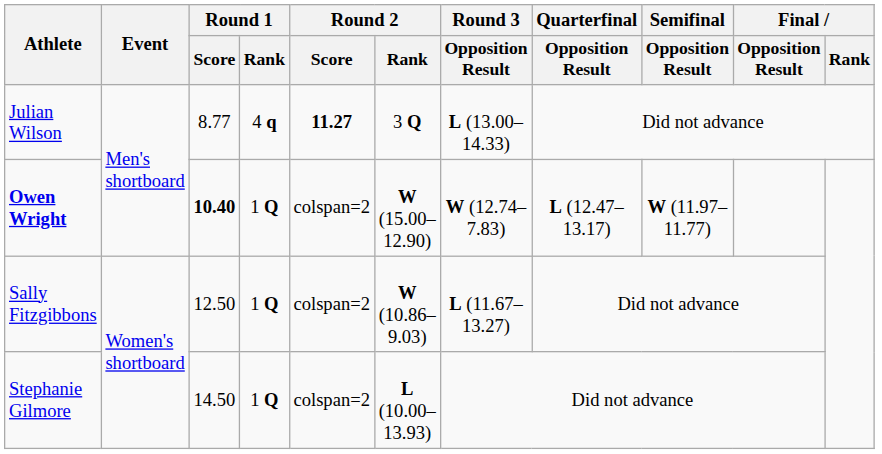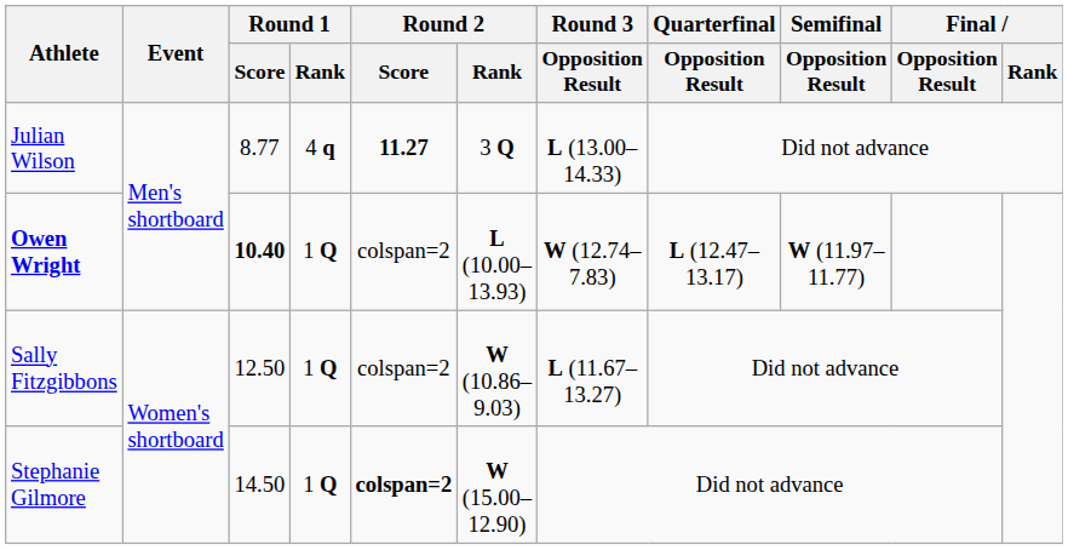 <table class=wikitable style=font-size:90%;text-align:center>
 <tr>
 <th rowspan=2>Athlete</th>
 <th rowspan=2>Event</th>
 <th colspan=2>Round 1</th>
 <th colspan=2>Round 2</th>
 <th>Round 3</th>
 <th>Quarterfinal</th>
 <th>Semifinal</th>
 <th colspan=2>Final / </th>
 </tr>
 <tr style=font-size:95%>
 <th>Score</th>
 <th>Rank</th>
 <th>Score</th>
 <th>Rank</th>
 <th>Opposition<br>Result</th>
 <th>Opposition<br>Result</th>
 <th>Opposition<br>Result</th>
 <th>Opposition<br>Result</th>
 <th>Rank</th>
 </tr>
 <tr>
 <td align=left><a href='#'>Julian Wilson</a></td>
 <td align=left rowspan=2><a href='#'>Men's shortboard</a></td>
 <td>8.77</td>
 <td>4 <strong>q</strong></td>
 <td><strong>11.27</strong></td>
 <td>3 <strong>Q</strong></td>
 <td><br> <strong>L</strong> (13.00–14.33)</td>
 <td colspan=4>Did not advance</td>
 </tr>
 <tr>
 <td align=left><strong><a href='#'>Owen Wright</a></strong></td>
 <td><strong>10.40</strong></td>
 <td>1 <strong>Q</strong></td>
 <td>colspan=2 </td>
-<td><br> <strong>W</strong> (15.00–12.90)</td>
+<td><br><strong>L</strong> (10.00–13.93)</td>
 <td><br><strong>W</strong> (12.74–7.83)</td>
 <td><br><strong>L</strong> (12.47–13.17)</td>
 <td><br><strong>W</strong> (11.97–11.77)</td>
 <td></td>
 </tr>
 <tr>
 <td align=left><a href='#'>Sally Fitzgibbons</a></td>
 <td align=left rowspan=2><a href='#'>Women's shortboard</a></td>
 <td>12.50</td>
 <td>1 <strong>Q</strong></td>
 <td>colspan=2 </td>
 <td><br><strong>W</strong> (10.86–9.03)</td>
 <td><br><strong>L</strong> (11.67–13.27)</td>
 <td colspan=3>Did not advance</td>
 </tr>
 <tr>
 <td align=left><a href='#'>Stephanie Gilmore</a></td>
 <td>14.50</td>
 <td>1 <strong>Q</strong></td>
-<td>colspan=2 </td>
-<td><br><strong>L</strong> (10.00–13.93)</td>
+<td><strong>colspan=2 </strong></td>
+<td><br> <strong>W</strong> (15.00–12.90)</td>
 <td colspan="4">Did not advance</td>
 </tr>
 </table>
